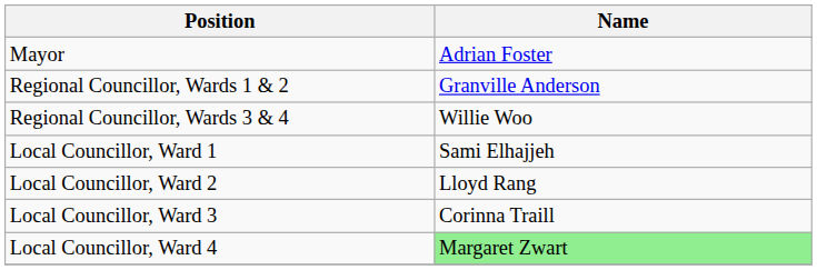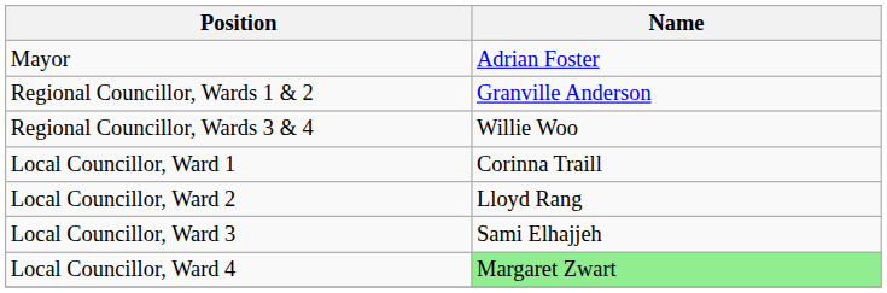 <table class="wikitable" style="width:50%;">
 <tr>
 <th bgcolor="#DDDDFF" width="50px">Position</th>
 <th bgcolor="#DDDDFF" width="50px">Name</th>
 </tr>
 <tr>
 <td>Mayor</td>
 <td><a href='#'>Adrian Foster</a></td>
 </tr>
 <tr>
 <td>Regional Councillor, Wards 1 & 2</td>
 <td><a href='#'>Granville Anderson</a></td>
 </tr>
 <tr>
 <td>Regional Councillor, Wards 3 & 4</td>
 <td>Willie Woo</td>
 </tr>
 <tr>
 <td>Local Councillor, Ward 1</td>
-<td>Sami Elhajjeh</td>
+<td>Corinna Traill</td>
 </tr>
 <tr>
 <td>Local Councillor, Ward 2</td>
 <td>Lloyd Rang</td>
 </tr>
 <tr>
 <td>Local Councillor, Ward 3</td>
-<td>Corinna Traill</td>
+<td>Sami Elhajjeh</td>
 </tr>
 <tr>
 <td>Local Councillor, Ward 4</td>
 <td style="background: lightgreen;">Margaret Zwart</td>
 </tr>
 <tr>
 </tr>
 </table>
